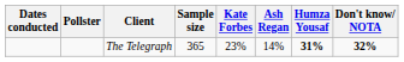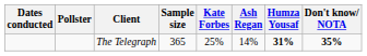 <table class="wikitable wiki table" style="font-size:90%;text-align:center">
 <tr>
 <th>Dates<br>conducted</th>
 <th>Pollster</th>
 <th>Client</th>
 <th>Sample<br>size</th>
 <th><a href='#'>Kate<br>Forbes</a></th>
 <th><a href='#'>Ash<br>Regan</a></th>
 <th><a href='#'>Humza<br>Yousaf</a></th>
 <th>Don't know/<br><a href='#'>NOTA</a></th>
 </tr>
 <tr>
 <td></td>
 <td></td>
 <td><em>The Telegraph</em></td>
 <td>365</td>
-<td>23%</td>
+<td>25%</td>
 <td>14%</td>
 <td style="background:"><strong>31%</strong></td>
-<td><strong>32%</strong></td>
+<td><strong>35%</strong></td>
 </tr>
 </table>
